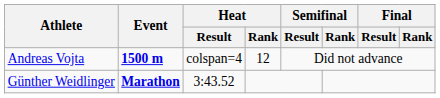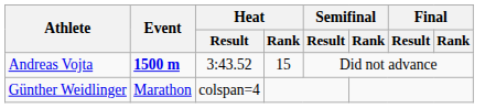 <table class="wikitable" style="font-size:90%">
 <tr>
 <th rowspan="2">Athlete</th>
 <th rowspan="2">Event</th>
 <th colspan="2">Heat</th>
 <th colspan="2">Semifinal</th>
 <th colspan="2">Final</th>
 </tr>
 <tr style="font-size:95%">
 <th>Result</th>
 <th>Rank</th>
 <th>Result</th>
 <th>Rank</th>
 <th>Result</th>
 <th>Rank</th>
 </tr>
 <tr align=center>
 <td align=left><a href='#'>Andreas Vojta</a></td>
 <td align=left><strong><a href='#'>1500 m</a></strong></td>
-<td>colspan=4 </td>
-<td>12</td>
+<td>3:43.52</td>
+<td>15</td>
 <td colspan=4>Did not advance</td>
 </tr>
 <tr align=center>
 <td align=left><a href='#'>Günther Weidlinger</a></td>
-<td align=left><strong><a href='#'>Marathon</a></strong></td>
-<td>3:43.52</td>
+<td align=left><a href='#'>Marathon</a></td>
+<td>colspan=4 </td>
 <td colspan=2></td>
 </tr>
 </table>
